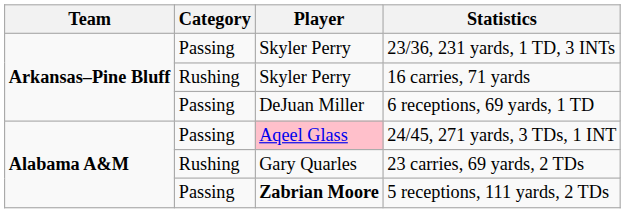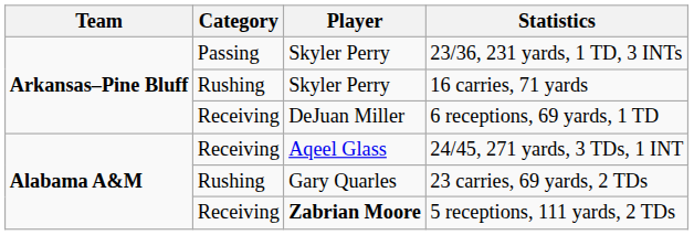 <table class="wikitable" style="float: left;">
 <tr>
 <th>Team</th>
 <th>Category</th>
 <th>Player</th>
 <th>Statistics</th>
 </tr>
 <tr>
 <td rowspan=3><strong>Arkansas–Pine Bluff</strong></td>
 <td>Passing</td>
 <td>Skyler Perry</td>
 <td>23/36, 231 yards, 1 TD, 3 INTs</td>
 </tr>
 <tr>
 <td>Rushing</td>
 <td>Skyler Perry</td>
 <td>16 carries, 71 yards</td>
 </tr>
 <tr>
-<td>Passing</td>
+<td>Receiving</td>
 <td>DeJuan Miller</td>
 <td>6 receptions, 69 yards, 1 TD</td>
 </tr>
 <tr>
 <td rowspan=3><strong>Alabama A&M</strong></td>
-<td>Passing</td>
-<td style="background: pink;"><a href='#'>Aqeel Glass</a></td>
+<td>Receiving</td>
+<td><a href='#'>Aqeel Glass</a></td>
 <td>24/45, 271 yards, 3 TDs, 1 INT</td>
 </tr>
 <tr>
 <td>Rushing</td>
 <td>Gary Quarles</td>
 <td>23 carries, 69 yards, 2 TDs</td>
 </tr>
 <tr>
-<td>Passing</td>
+<td>Receiving</td>
 <td><strong>Zabrian Moore</strong></td>
 <td>5 receptions, 111 yards, 2 TDs</td>
 </tr>
 </table>
